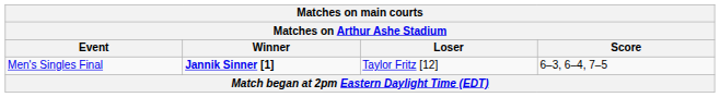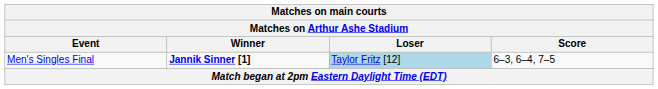 <table class="wikitable" style="margin:auto;">
 <tr>
 <th colspan="4" style="white-space:nowrap;">Matches on main courts</th>
 </tr>
 <tr>
 <th colspan="4"><strong>Matches on <a href='#'>Arthur Ashe Stadium</a></strong></th>
 </tr>
 <tr>
 <th width="250">Event</th>
 <th width="250">Winner</th>
 <th width="250">Loser</th>
 <th width="250">Score</th>
 </tr>
 <tr>
 <td><a href='#'>Men's Singles Final</a></td>
 <td><strong> <a href='#'>Jannik Sinner</a> [1]</strong></td>
-<td> <a href='#'>Taylor Fritz</a> [12]</td>
+<td style="background: lightblue;"> <a href='#'>Taylor Fritz</a> [12]</td>
 <td>6–3, 6–4, 7–5</td>
 </tr>
 <tr>
 <th colspan="4"><em>Match began at 2pm <a href='#'>Eastern Daylight Time (EDT)</a></em></th>
 </tr>
 </table>
